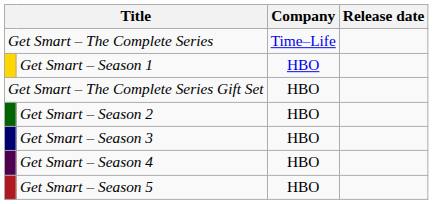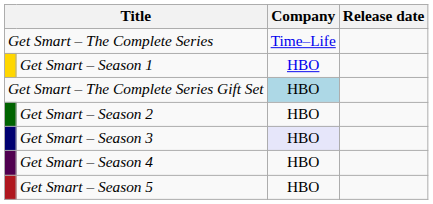 <table class=wikitable style="text-align:center">
 <tr>
 <th colspan=2>Title</th>
 <th>Company</th>
 <th>Release date</th>
 </tr>
 <tr>
 <td colspan="2" style="text-align:left;"><em>Get Smart – The Complete Series</em></td>
 <td><a href='#'>Time–Life</a></td>
 <td></td>
 </tr>
 <tr>
 <td style="width:5px; background:gold;"></td>
 <td style="text-align:left;"><em>Get Smart – Season 1</em></td>
 <td><a href='#'>HBO</a></td>
 <td></td>
 </tr>
 <tr>
 <td colspan="2" style="text-align:left;"><em>Get Smart – The Complete Series Gift Set</em></td>
-<td>HBO</td>
+<td style="background: lightblue;">HBO</td>
 <td></td>
 </tr>
 <tr>
 <td style="background:#006400;"></td>
 <td style="text-align:left;"><em>Get Smart – Season 2</em></td>
 <td>HBO</td>
 <td></td>
 </tr>
 <tr>
 <td style="background:#000070;"></td>
 <td style="text-align:left;"><em>Get Smart – Season 3</em></td>
-<td>HBO</td>
+<td style="background: lavender;">HBO</td>
 <td></td>
 </tr>
 <tr>
 <td style="background:#500050;"></td>
 <td style="text-align:left;"><em>Get Smart – Season 4</em></td>
 <td>HBO</td>
 <td></td>
 </tr>
 <tr>
 <td style="background:#b0171f;"></td>
 <td style="text-align:left;"><em>Get Smart – Season 5</em></td>
 <td>HBO</td>
 <td></td>
 </tr>
 </table>
